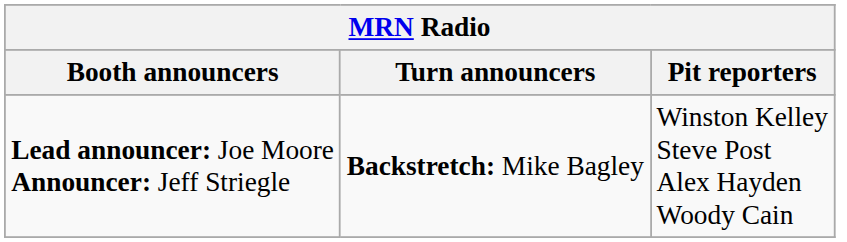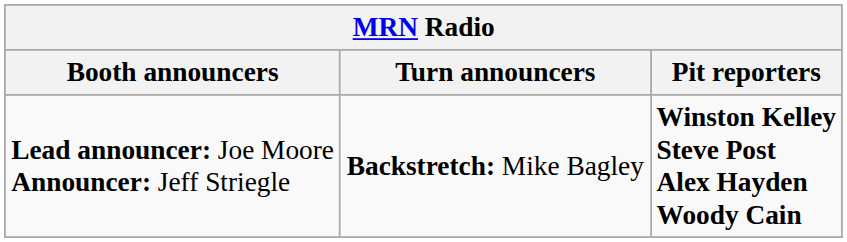 <table class="wikitable" style="font-size: 95%;">
 <tr>
 <th colspan="3"><a href='#'>MRN</a> Radio</th>
 </tr>
 <tr>
 <th>Booth announcers</th>
 <th>Turn announcers</th>
 <th>Pit reporters</th>
 </tr>
 <tr>
 <td><strong>Lead announcer:</strong> Joe Moore<br><strong>Announcer:</strong> Jeff Striegle</td>
 <td><strong>Backstretch:</strong> Mike Bagley</td>
-<td>Winston Kelley<br>Steve Post<br>Alex Hayden<br>Woody Cain</td>
+<td><strong>Winston Kelley<br>Steve Post<br>Alex Hayden<br>Woody Cain</strong></td>
 </tr>
 </table>
